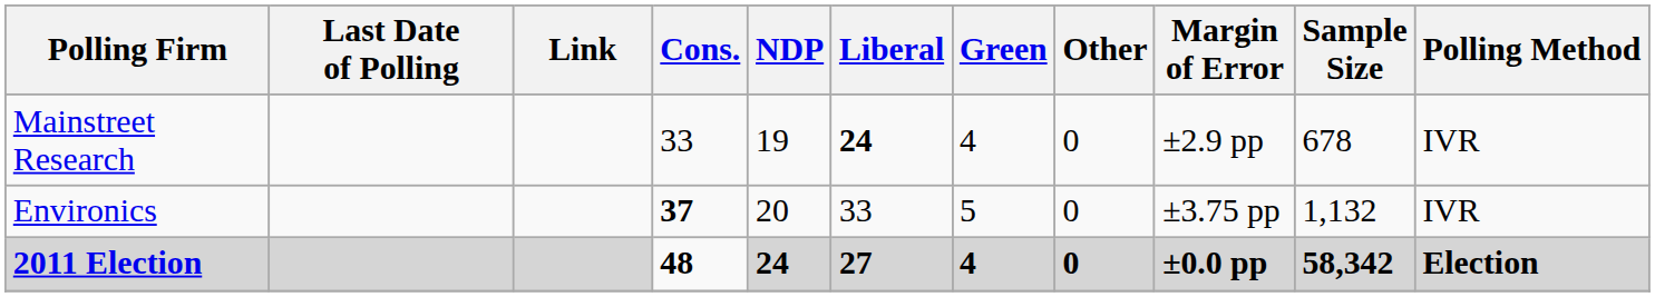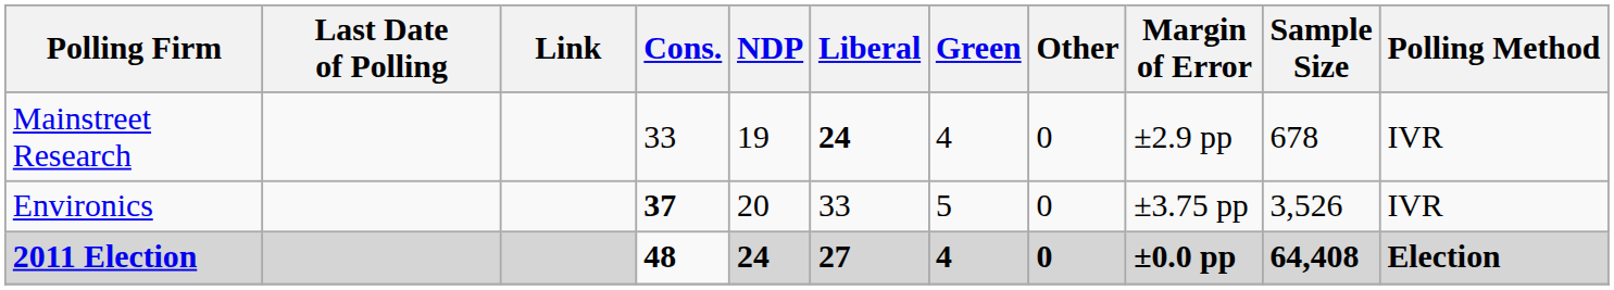 <table class="wikitable sortable">
 <tr style="background:#e9e9e9;">
 <th style="width:120px">Polling Firm</th>
 <th style="width:110px">Last Date<br>of Polling</th>
 <th style="width:60px" class="unsortable">Link</th>
 <th style="background-color:"><strong><a href='#'>Cons.</a></strong></th>
 <th style="background-color:"><strong><a href='#'>NDP</a></strong></th>
 <th style="background-color:"><strong><a href='#'>Liberal</a></strong></th>
 <th style="background-color:"><strong><a href='#'>Green</a></strong></th>
 <th style="background-color:"><strong>Other</strong></th>
 <th style="width:60px;" class=unsortable>Margin<br>of Error</th>
 <th style="width:50px;" class=unsortable>Sample<br>Size</th>
 <th class=unsortable>Polling Method</th>
 </tr>
 <tr>
 <td><a href='#'>Mainstreet Research</a></td>
 <td></td>
 <td></td>
 <td>33</td>
 <td>19</td>
 <td><strong>24</strong></td>
 <td>4</td>
 <td>0</td>
 <td>±2.9 pp</td>
 <td>678</td>
 <td>IVR</td>
 </tr>
 <tr>
 <td><a href='#'>Environics</a></td>
 <td></td>
 <td></td>
 <td><strong>37</strong></td>
 <td>20</td>
 <td>33</td>
 <td>5</td>
 <td>0</td>
 <td>±3.75 pp</td>
-<td>1,132</td>
+<td>3,526</td>
 <td>IVR</td>
 </tr>
 <tr>
 <td style="background:#D5D5D5"><strong><a href='#'>2011 Election</a></strong></td>
 <td style="background:#D5D5D5"><strong></strong></td>
 <td style="background:#D5D5D5"></td>
 <td><strong>48</strong></td>
 <td style="background:#D5D5D5"><strong>24</strong></td>
 <td style="background:#D5D5D5"><strong>27</strong></td>
 <td style="background:#D5D5D5"><strong>4</strong></td>
 <td style="background:#D5D5D5"><strong>0</strong></td>
 <td style="background:#D5D5D5"><strong>±0.0 pp</strong></td>
-<td style="background:#D5D5D5"><strong>58,342</strong></td>
+<td style="background:#D5D5D5"><strong>64,408</strong></td>
 <td style="background:#D5D5D5"><strong>Election</strong></td>
 </tr>
 <tr>
 </tr>
 <tr>
 </tr>
 </table>
